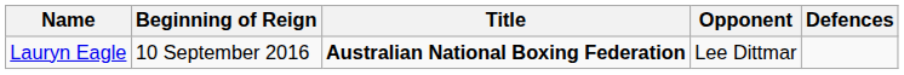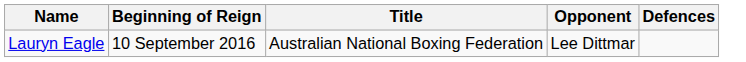 <table class="wikitable">
 <tr>
 <th>Name</th>
 <th>Beginning of Reign</th>
 <th>Title</th>
 <th>Opponent</th>
 <th>Defences</th>
 </tr>
 <tr>
 <td><a href='#'>Lauryn Eagle</a></td>
 <td>10 September 2016</td>
-<td><strong>Australian National Boxing Federation</strong></td>
+<td>Australian National Boxing Federation</td>
 <td>Lee Dittmar</td>
 </tr>
 </table>
